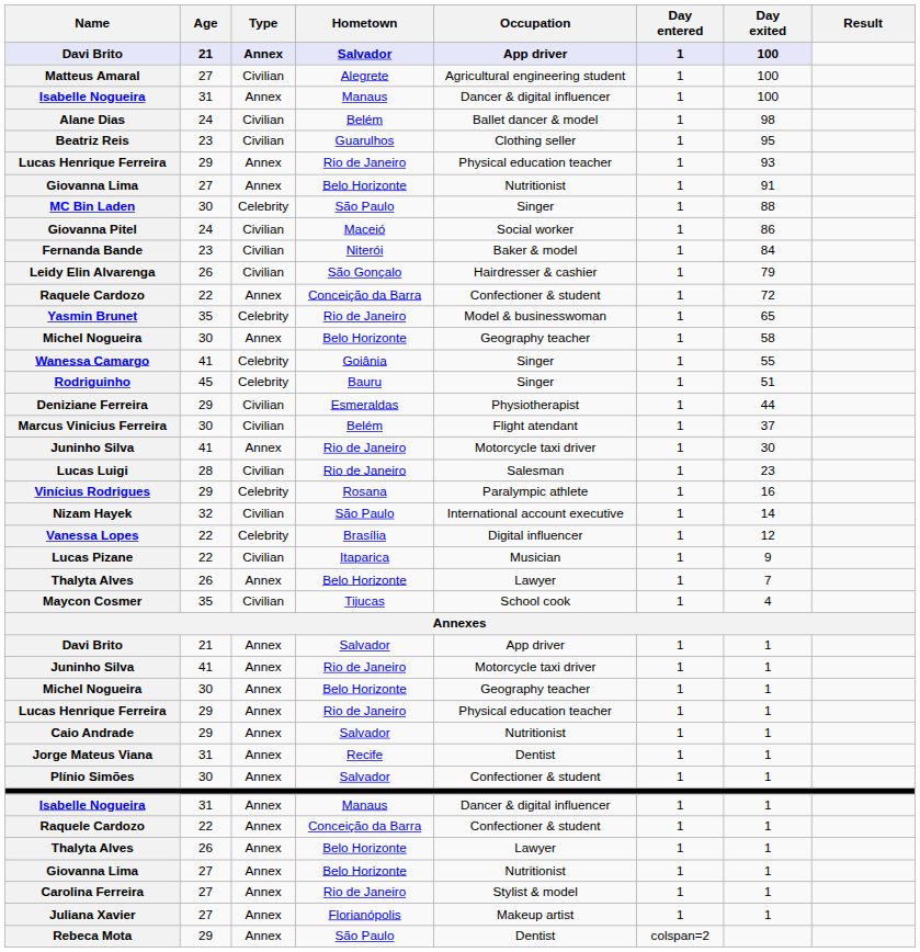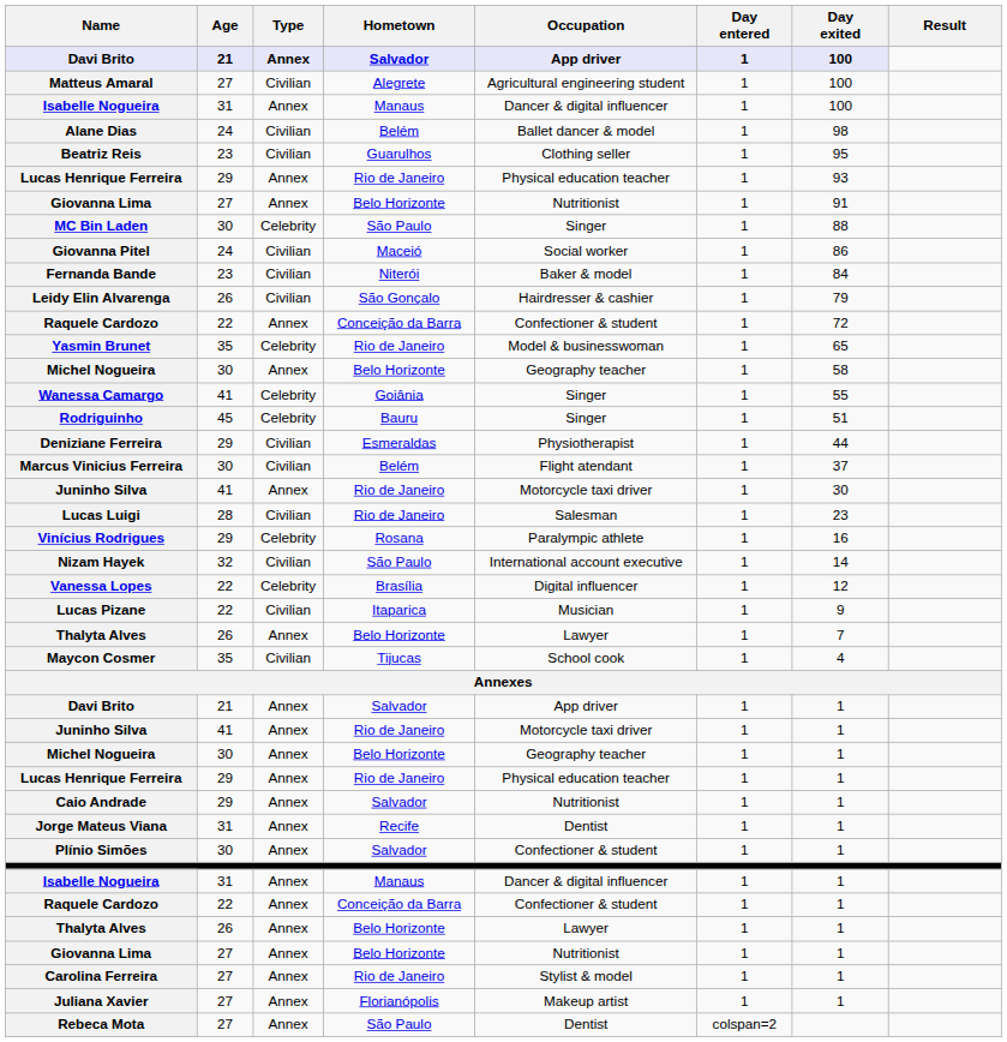 <table class="wikitable sortable" style="text-align:center; width:90%; line-height:20px;">
 <tr>
 <th scope="col" width="17.0%">Name</th>
 <th scope="col" width="05.0%">Age</th>
 <th scope="col" width="06.0%">Type</th>
 <th scope="col" width="13.5%">Hometown</th>
 <th scope="col" width="13.5%">Occupation</th>
 <th scope="col" width="08.5%">Day<br>entered</th>
 <th scope="col" width="08.5%">Day<br>exited</th>
 <th scope="col" width="10.0%">Result</th>
 </tr>
 <tr>
 <td bgcolor="E6E6FA"><strong>Davi Brito</strong></td>
 <td bgcolor="E6E6FA"><strong>21</strong></td>
 <td bgcolor="E6E6FA"><strong>Annex</strong></td>
 <td bgcolor="E6E6FA"><strong><a href='#'>Salvador</a></strong></td>
 <td bgcolor="E6E6FA"><strong>App driver</strong></td>
 <td bgcolor="E6E6FA"><strong>1</strong></td>
 <td bgcolor="E6E6FA"><strong>100</strong></td>
 <td></td>
 </tr>
 <tr>
 <th>Matteus Amaral</th>
 <td>27</td>
 <td>Civilian</td>
 <td><a href='#'>Alegrete</a></td>
 <td nowrap>Agricultural engineering student</td>
 <td>1</td>
 <td>100</td>
 <td></td>
 </tr>
 <tr>
 <th><a href='#'>Isabelle Nogueira</a></th>
 <td>31</td>
 <td>Annex</td>
 <td><a href='#'>Manaus</a></td>
 <td>Dancer & digital influencer</td>
 <td>1</td>
 <td>100</td>
 <td></td>
 </tr>
 <tr>
 <th>Alane Dias</th>
 <td>24</td>
 <td>Civilian</td>
 <td><a href='#'>Belém</a></td>
 <td>Ballet dancer & model</td>
 <td>1</td>
 <td>98</td>
 <td></td>
 </tr>
 <tr>
 <th>Beatriz Reis</th>
 <td>23</td>
 <td>Civilian</td>
 <td><a href='#'>Guarulhos</a></td>
 <td>Clothing seller</td>
 <td>1</td>
 <td>95</td>
 <td></td>
 </tr>
 <tr>
 <th>Lucas Henrique Ferreira</th>
 <td>29</td>
 <td>Annex</td>
 <td><a href='#'>Rio de Janeiro</a></td>
 <td>Physical education teacher</td>
 <td>1</td>
 <td>93</td>
 <td></td>
 </tr>
 <tr>
 <th>Giovanna Lima</th>
 <td>27</td>
 <td>Annex</td>
 <td><a href='#'>Belo Horizonte</a></td>
 <td>Nutritionist</td>
 <td>1</td>
 <td>91</td>
 <td></td>
 </tr>
 <tr>
 <th><a href='#'>MC Bin Laden</a></th>
 <td>30</td>
 <td>Celebrity</td>
 <td><a href='#'>São Paulo</a></td>
 <td>Singer</td>
 <td>1</td>
 <td>88</td>
 <td></td>
 </tr>
 <tr>
 <th>Giovanna Pitel</th>
 <td>24</td>
 <td>Civilian</td>
 <td><a href='#'>Maceió</a></td>
 <td>Social worker</td>
 <td>1</td>
 <td>86</td>
 <td></td>
 </tr>
 <tr>
 <th>Fernanda Bande</th>
 <td>23</td>
 <td>Civilian</td>
 <td><a href='#'>Niterói</a></td>
 <td>Baker & model</td>
 <td>1</td>
 <td>84</td>
 <td></td>
 </tr>
 <tr>
 <th>Leidy Elin Alvarenga</th>
 <td>26</td>
 <td>Civilian</td>
 <td><a href='#'>São Gonçalo</a></td>
 <td>Hairdresser & cashier</td>
 <td>1</td>
 <td>79</td>
 <td></td>
 </tr>
 <tr>
 <th>Raquele Cardozo</th>
 <td>22</td>
 <td>Annex</td>
 <td nowrap><a href='#'>Conceição da Barra</a></td>
 <td>Confectioner & student</td>
 <td>1</td>
 <td>72</td>
 <td></td>
 </tr>
 <tr>
 <th><a href='#'>Yasmin Brunet</a></th>
 <td>35</td>
 <td>Celebrity</td>
 <td><a href='#'>Rio de Janeiro</a></td>
 <td>Model & businesswoman</td>
 <td>1</td>
 <td>65</td>
 <td></td>
 </tr>
 <tr>
 <th>Michel Nogueira</th>
 <td>30</td>
 <td>Annex</td>
 <td><a href='#'>Belo Horizonte</a></td>
 <td>Geography teacher</td>
 <td>1</td>
 <td>58</td>
 <td></td>
 </tr>
 <tr>
 <th><a href='#'>Wanessa Camargo</a></th>
 <td>41</td>
 <td>Celebrity</td>
 <td><a href='#'>Goiânia</a></td>
 <td>Singer</td>
 <td>1</td>
 <td>55</td>
 <td></td>
 </tr>
 <tr>
 <th><a href='#'>Rodriguinho</a></th>
 <td>45</td>
 <td>Celebrity</td>
 <td><a href='#'>Bauru</a></td>
 <td>Singer</td>
 <td>1</td>
 <td>51</td>
 <td></td>
 </tr>
 <tr>
 <th>Deniziane Ferreira</th>
 <td>29</td>
 <td>Civilian</td>
 <td><a href='#'>Esmeraldas</a></td>
 <td>Physiotherapist</td>
 <td>1</td>
 <td>44</td>
 <td></td>
 </tr>
 <tr>
 <th>Marcus Vinicius Ferreira</th>
 <td>30</td>
 <td>Civilian</td>
 <td><a href='#'>Belém</a></td>
 <td>Flight atendant</td>
 <td>1</td>
 <td>37</td>
 <td></td>
 </tr>
 <tr>
 <th>Juninho Silva</th>
 <td>41</td>
 <td>Annex</td>
 <td><a href='#'>Rio de Janeiro</a></td>
 <td>Motorcycle taxi driver</td>
 <td>1</td>
 <td>30</td>
 <td></td>
 </tr>
 <tr>
 <th>Lucas Luigi</th>
 <td>28</td>
 <td>Civilian</td>
 <td><a href='#'>Rio de Janeiro</a></td>
 <td>Salesman</td>
 <td>1</td>
 <td>23</td>
 <td></td>
 </tr>
 <tr>
 <th><a href='#'>Vinícius Rodrigues</a></th>
 <td>29</td>
 <td>Celebrity</td>
 <td><a href='#'>Rosana</a></td>
 <td>Paralympic athlete</td>
 <td>1</td>
 <td>16</td>
 <td></td>
 </tr>
 <tr>
 <th>Nizam Hayek</th>
 <td>32</td>
 <td>Civilian</td>
 <td><a href='#'>São Paulo</a></td>
 <td>International account executive</td>
 <td>1</td>
 <td>14</td>
 <td></td>
 </tr>
 <tr>
 <th><a href='#'>Vanessa Lopes</a></th>
 <td>22</td>
 <td>Celebrity</td>
 <td><a href='#'>Brasília</a></td>
 <td>Digital influencer</td>
 <td>1</td>
 <td>12</td>
 <td></td>
 </tr>
 <tr>
 <th>Lucas Pizane</th>
 <td>22</td>
 <td>Civilian</td>
 <td><a href='#'>Itaparica</a></td>
 <td>Musician</td>
 <td>1</td>
 <td>9</td>
 <td></td>
 </tr>
 <tr>
 <th>Thalyta Alves</th>
 <td>26</td>
 <td>Annex</td>
 <td><a href='#'>Belo Horizonte</a></td>
 <td>Lawyer</td>
 <td>1</td>
 <td>7</td>
 <td></td>
 </tr>
 <tr>
 <th>Maycon Cosmer</th>
 <td>35</td>
 <td>Civilian</td>
 <td><a href='#'>Tijucas</a></td>
 <td>School cook</td>
 <td>1</td>
 <td>4</td>
 <td></td>
 </tr>
 <tr>
 <th colspan=8>Annexes</th>
 </tr>
 <tr>
 <th>Davi Brito</th>
 <td>21</td>
 <td>Annex</td>
 <td><a href='#'>Salvador</a></td>
 <td>App driver</td>
 <td>1</td>
 <td>1</td>
 <td></td>
 </tr>
 <tr>
 <th>Juninho Silva</th>
 <td>41</td>
 <td>Annex</td>
 <td><a href='#'>Rio de Janeiro</a></td>
 <td>Motorcycle taxi driver</td>
 <td>1</td>
 <td>1</td>
 <td></td>
 </tr>
 <tr>
 <th>Michel Nogueira</th>
 <td>30</td>
 <td>Annex</td>
 <td><a href='#'>Belo Horizonte</a></td>
 <td>Geography teacher</td>
 <td>1</td>
 <td>1</td>
 <td></td>
 </tr>
 <tr>
 <th>Lucas Henrique Ferreira</th>
 <td>29</td>
 <td>Annex</td>
 <td><a href='#'>Rio de Janeiro</a></td>
 <td>Physical education teacher</td>
 <td>1</td>
 <td>1</td>
 <td></td>
 </tr>
 <tr>
 <th>Caio Andrade</th>
 <td>29</td>
 <td>Annex</td>
 <td><a href='#'>Salvador</a></td>
 <td>Nutritionist</td>
 <td>1</td>
 <td>1</td>
 <td></td>
 </tr>
 <tr>
 <th>Jorge Mateus Viana</th>
 <td>31</td>
 <td>Annex</td>
 <td><a href='#'>Recife</a></td>
 <td>Dentist</td>
 <td>1</td>
 <td>1</td>
 <td></td>
 </tr>
 <tr>
 <th>Plínio Simões</th>
 <td>30</td>
 <td>Annex</td>
 <td><a href='#'>Salvador</a></td>
 <td>Confectioner & student</td>
 <td>1</td>
 <td>1</td>
 <td></td>
 </tr>
 <tr>
 <td bgcolor=000000 colspan=8></td>
 </tr>
 <tr>
 <th><a href='#'>Isabelle Nogueira</a></th>
 <td>31</td>
 <td>Annex</td>
 <td><a href='#'>Manaus</a></td>
 <td>Dancer & digital influencer</td>
 <td>1</td>
 <td>1</td>
 <td></td>
 </tr>
 <tr>
 <th>Raquele Cardozo</th>
 <td>22</td>
 <td>Annex</td>
 <td nowrap><a href='#'>Conceição da Barra</a></td>
 <td>Confectioner & student</td>
 <td>1</td>
 <td>1</td>
 <td></td>
 </tr>
 <tr>
 <th>Thalyta Alves</th>
 <td>26</td>
 <td>Annex</td>
 <td><a href='#'>Belo Horizonte</a></td>
 <td>Lawyer</td>
 <td>1</td>
 <td>1</td>
 <td></td>
 </tr>
 <tr>
 <th>Giovanna Lima</th>
 <td>27</td>
 <td>Annex</td>
 <td><a href='#'>Belo Horizonte</a></td>
 <td>Nutritionist</td>
 <td>1</td>
 <td>1</td>
 <td></td>
 </tr>
 <tr>
 <th>Carolina Ferreira</th>
 <td>27</td>
 <td>Annex</td>
 <td><a href='#'>Rio de Janeiro</a></td>
 <td>Stylist & model</td>
 <td>1</td>
 <td>1</td>
 <td></td>
 </tr>
 <tr>
 <th>Juliana Xavier</th>
 <td>27</td>
 <td>Annex</td>
 <td><a href='#'>Florianópolis</a></td>
 <td>Makeup artist</td>
 <td>1</td>
 <td>1</td>
 <td></td>
 </tr>
 <tr>
 <th>Rebeca Mota</th>
-<td>29</td>
+<td>27</td>
 <td>Annex</td>
 <td><a href='#'>São Paulo</a></td>
 <td>Dentist</td>
 <td>colspan=2 </td>
 <td></td>
 </tr>
 </table>
